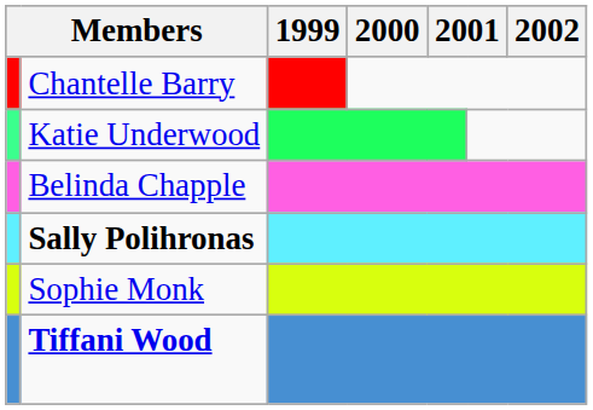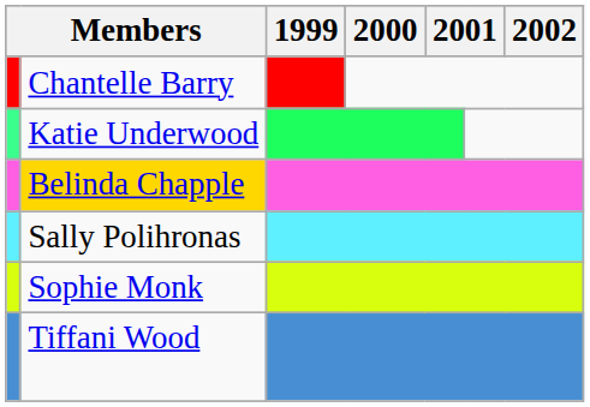 <table class="wikitable">
 <tr>
 <th colspan="2">Members</th>
 <th>1999</th>
 <th colspan="2">2000</th>
 <th colspan="2">2001</th>
 <th>2002</th>
 </tr>
 <tr>
 <td style="background:red"></td>
 <td><a href='#'>Chantelle Barry</a><br></td>
 <td colspan="1" style="text-align:center; background:red;"></td>
 <td colspan="13"></td>
 </tr>
 <tr>
 <td style="background:#3BFF8D"></td>
 <td><a href='#'>Katie Underwood</a><br></td>
 <td colspan="4" style="text-align:center; background:#1DFF5D;"></td>
 <td colspan="13"></td>
 </tr>
 <tr>
 <td style="background:#FF5FE3;"></td>
-<td><a href='#'>Belinda Chapple</a><br></td>
+<td style="background: gold;"><a href='#'>Belinda Chapple</a><br></td>
 <td colspan="6" style="text-align:center; background:#FF5FE3;"></td>
 </tr>
 <tr>
 <td style="background:#5FF0FF;"></td>
-<td><strong>Sally Polihronas<br></strong></td>
+<td>Sally Polihronas<br></td>
 <td colspan="6" style="text-align:center; background:#5FF0FF;"></td>
 </tr>
 <tr>
 <td style="background:#D8FF0E"></td>
 <td><a href='#'>Sophie Monk</a><br></td>
 <td colspan="6" style="text-align:center; background:#D8FF0E;"></td>
 </tr>
 <tr>
 <td style="background:#478FD2;"></td>
-<td><strong><a href='#'>Tiffani Wood</a><br><br></strong></td>
+<td><a href='#'>Tiffani Wood</a><br><br></td>
 <td colspan="6" style="text-align:center; background:#478FD2;"></td>
 </tr>
 </table>
